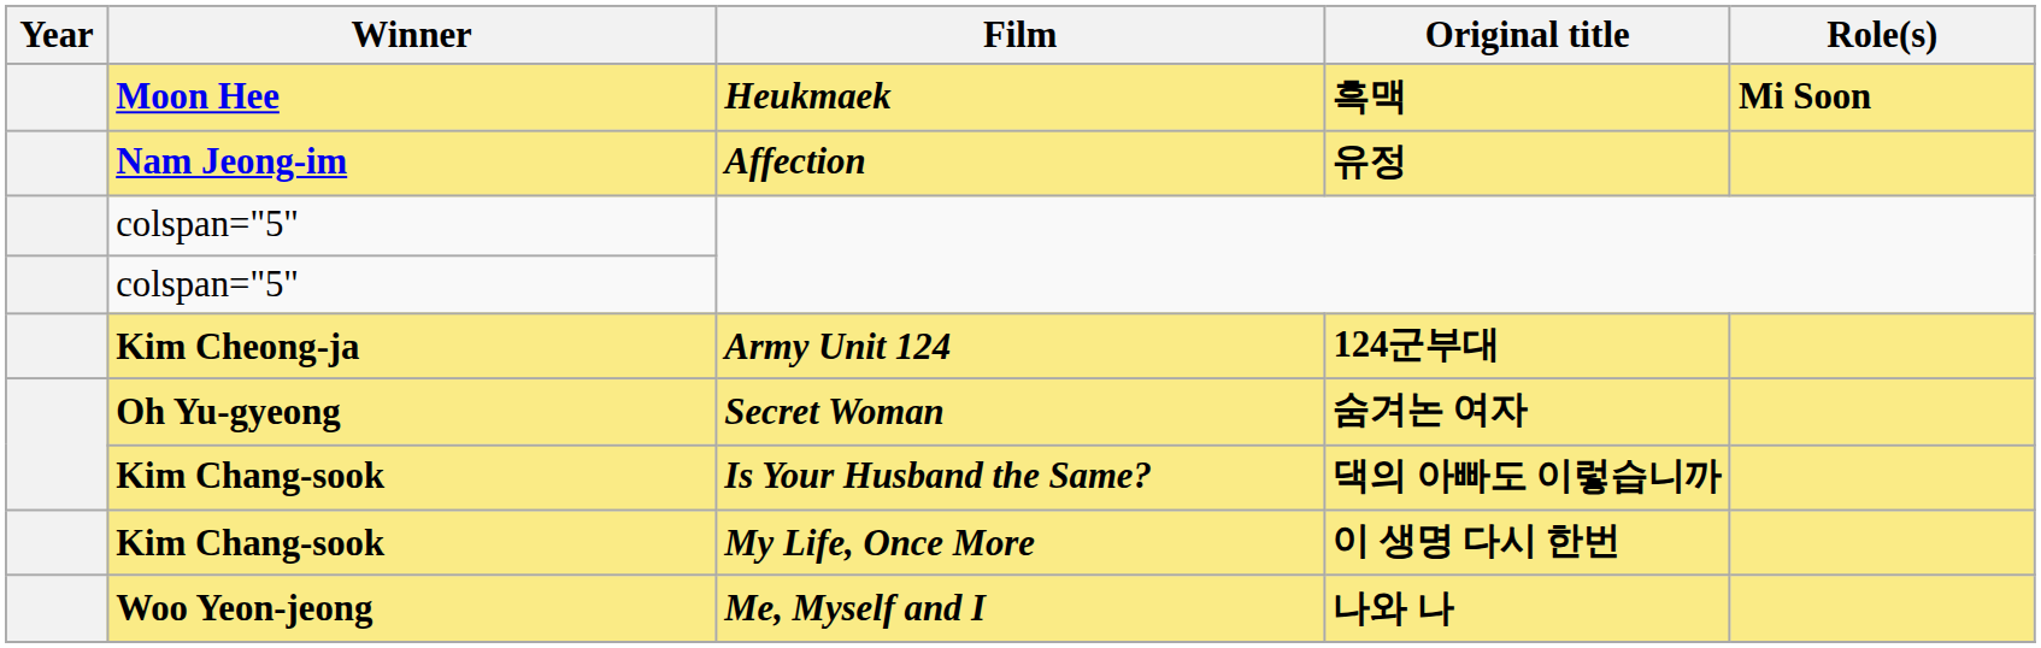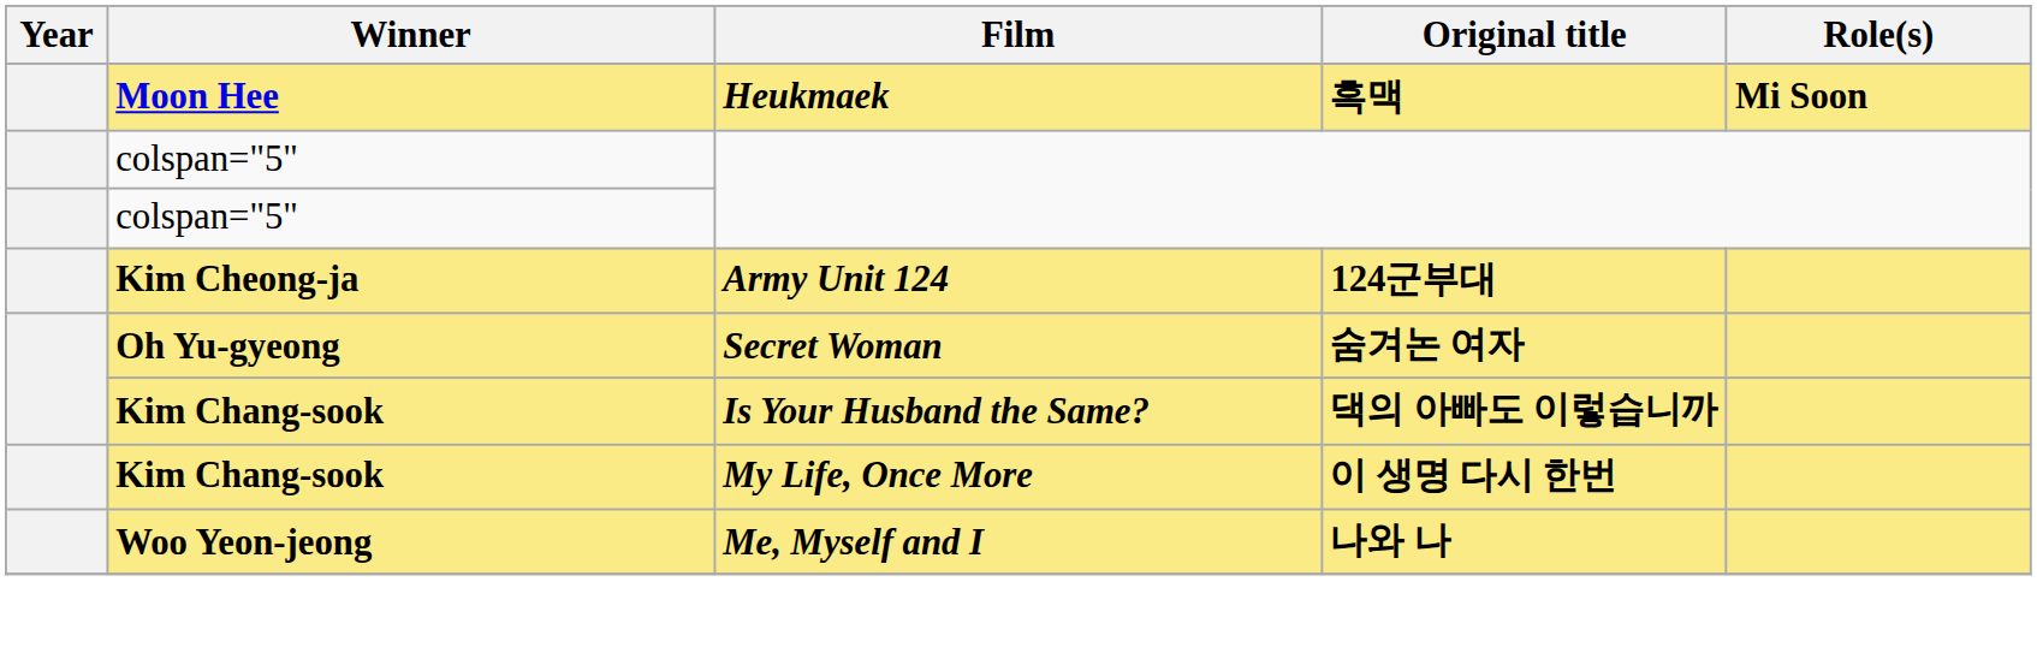 <table class="wikitable">
 <tr>
 <th style="width:5%;">Year</th>
 <th style="width:30%;">Winner</th>
 <th style="width:30%;">Film</th>
 <th style="width:20%;">Original title</th>
 <th style="width:20%;">Role(s)</th>
 </tr>
 <tr>
 <th></th>
 <td style="background:#FAEB86;"><strong><a href='#'>Moon Hee</a></strong></td>
 <td style="background:#FAEB86;"><strong><em>Heukmaek</em></strong></td>
 <td style="background:#FAEB86;"><strong>흑맥</strong></td>
 <td style="background:#FAEB86;"><strong>Mi Soon</strong></td>
-</tr>
-<tr>
-<th></th>
-<td style="background:#FAEB86;"><strong><a href='#'>Nam Jeong-im</a></strong></td>
-<td style="background:#FAEB86;"><strong><em>Affection</em></strong></td>
-<td style="background:#FAEB86;"><strong>유정</strong></td>
-<td style="background:#FAEB86;"></td>
 </tr>
 <tr>
 <th></th>
 <td>colspan="5" </td>
 </tr>
 <tr>
 <th></th>
 <td>colspan="5" </td>
 </tr>
 <tr>
 <th></th>
 <td style="background:#FAEB86;"><strong>Kim Cheong-ja</strong></td>
 <td style="background:#FAEB86;"><strong><em>Army Unit 124</em></strong></td>
 <td style="background:#FAEB86;"><strong>124군부대</strong></td>
 <td style="background:#FAEB86;"></td>
 </tr>
 <tr>
 <th rowspan="2"></th>
 <td style="background:#FAEB86;"><strong>Oh Yu-gyeong</strong></td>
 <td style="background:#FAEB86;"><strong><em>Secret Woman</em></strong></td>
 <td style="background:#FAEB86;"><strong>숨겨논 여자</strong></td>
 <td style="background:#FAEB86;"></td>
 </tr>
 <tr>
 <td style="background:#FAEB86;"><strong>Kim Chang-sook</strong></td>
 <td style="background:#FAEB86;"><strong><em>Is Your Husband the Same?</em></strong></td>
 <td style="background:#FAEB86;"><strong>댁의 아빠도 이렇습니까</strong></td>
 <td style="background:#FAEB86;"></td>
 </tr>
 <tr>
 <th></th>
 <td style="background:#FAEB86;"><strong>Kim Chang-sook</strong></td>
 <td style="background:#FAEB86;"><strong><em>My Life, Once More</em></strong></td>
 <td style="background:#FAEB86;"><strong>이 생명 다시 한번</strong></td>
 <td style="background:#FAEB86;"></td>
 </tr>
 <tr>
 <th></th>
 <td style="background:#FAEB86;"><strong>Woo Yeon-jeong</strong></td>
 <td style="background:#FAEB86;"><strong><em>Me, Myself and I </em></strong></td>
 <td style="background:#FAEB86;"><strong>나와 나</strong></td>
 <td style="background:#FAEB86;"></td>
 </tr>
 <tr>
 </tr>
 </table>
